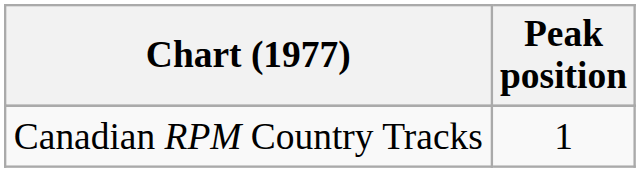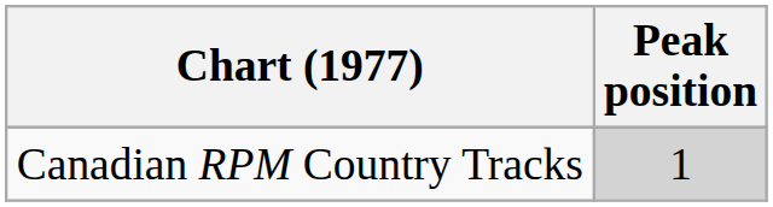 <table class="wikitable sortable">
 <tr>
 <th align="left">Chart (1977)</th>
 <th align="center">Peak<br>position</th>
 </tr>
 <tr>
 </tr>
 <tr>
 <td align="left">Canadian <em>RPM</em> Country Tracks</td>
-<td align="center">1</td>
+<td align="center" style="background: lightgrey;">1</td>
 </tr>
 </table>
